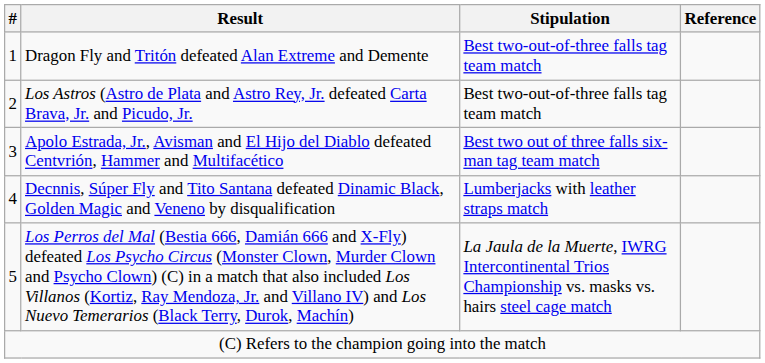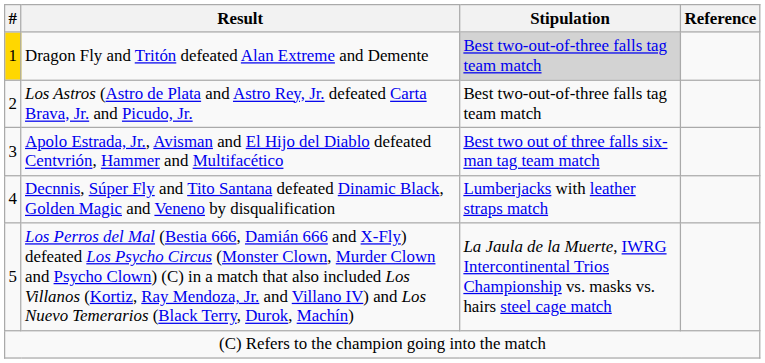 <table style="font-size: 85%" class="wikitable sortable">
 <tr>
 <th><strong>#</strong></th>
 <th><strong>Result</strong></th>
 <th><strong>Stipulation</strong></th>
 <th><strong>Reference</strong></th>
 </tr>
 <tr>
-<td>1</td>
+<td style="background: gold;">1</td>
 <td>Dragon Fly and <a href='#'>Tritón</a> defeated <a href='#'>Alan Extreme</a> and Demente</td>
-<td><a href='#'>Best two-out-of-three falls tag team match</a></td>
+<td style="background: lightgrey;"><a href='#'>Best two-out-of-three falls tag team match</a></td>
 <td></td>
 </tr>
 <tr>
 <td>2</td>
 <td><em>Los Astros</em> (<a href='#'>Astro de Plata</a> and <a href='#'>Astro Rey, Jr.</a> defeated <a href='#'>Carta Brava, Jr.</a> and <a href='#'>Picudo, Jr.</a></td>
 <td>Best two-out-of-three falls tag team match</td>
 <td></td>
 </tr>
 <tr>
 <td>3</td>
 <td><a href='#'>Apolo Estrada, Jr.</a>, <a href='#'>Avisman</a> and <a href='#'>El Hijo del Diablo</a> defeated <a href='#'>Centvrión</a>, <a href='#'>Hammer</a> and <a href='#'>Multifacético</a></td>
 <td><a href='#'>Best two out of three falls six-man tag team match</a></td>
 <td></td>
 </tr>
 <tr>
 <td>4</td>
 <td><a href='#'>Decnnis</a>, <a href='#'>Súper Fly</a> and <a href='#'>Tito Santana</a> defeated <a href='#'>Dinamic Black</a>, <a href='#'>Golden Magic</a> and <a href='#'>Veneno</a> by disqualification</td>
 <td><a href='#'>Lumberjacks</a> with <a href='#'>leather straps match</a></td>
 <td></td>
 </tr>
 <tr>
 <td>5</td>
 <td><em><a href='#'>Los Perros del Mal</a></em> (<a href='#'>Bestia 666</a>, <a href='#'>Damián 666</a> and <a href='#'>X-Fly</a>) defeated <em><a href='#'>Los Psycho Circus</a></em> (<a href='#'>Monster Clown</a>, <a href='#'>Murder Clown</a> and <a href='#'>Psycho Clown</a>) (C) in a match that also included <em>Los Villanos</em> (<a href='#'>Kortiz</a>, <a href='#'>Ray Mendoza, Jr.</a> and <a href='#'>Villano IV</a>) and <em>Los Nuevo Temerarios</em> (<a href='#'>Black Terry</a>, <a href='#'>Durok</a>, <a href='#'>Machín</a>)</td>
 <td><em>La Jaula de la Muerte</em>, <a href='#'>IWRG Intercontinental Trios Championship</a> vs. masks vs. hairs <a href='#'>steel cage match</a></td>
 <td></td>
 </tr>
 <tr>
 <td colspan=4 align=center>(C) Refers to the champion going into the match</td>
 </tr>
 </table>
